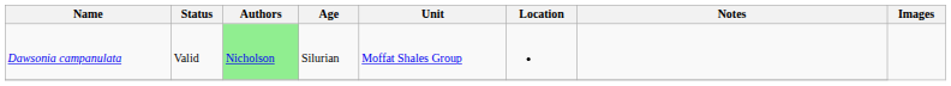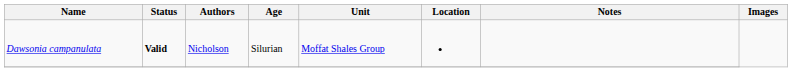 <table class="wikitable sortable" align="center" width="100%">
 <tr>
 <th>Name</th>
 <th>Status</th>
 <th>Authors</th>
 <th>Age</th>
 <th>Unit</th>
 <th>Location</th>
 <th width="33%" class="unsortable">Notes</th>
 <th>Images</th>
 </tr>
 <tr>
 <td><br><em><a href='#'>Dawsonia campanulata</a></em></td>
-<td><br>Valid</td>
-<td style="background: lightgreen;"><br><a href='#'>Nicholson</a></td>
+<td><strong><br>Valid</strong></td>
+<td><br><a href='#'>Nicholson</a></td>
 <td><br>Silurian</td>
 <td><br><a href='#'>Moffat Shales Group</a></td>
 <td><br><ul><li></li></ul></td>
 <td></td>
 <td rowspan="99"></td>
 </tr>
 <tr>
 </tr>
 </table>
